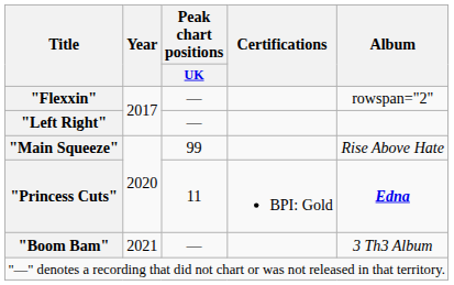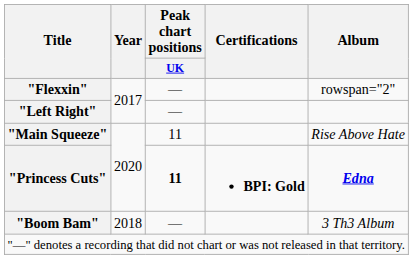 <table class="wikitable plainrowheaders" style="text-align:center;">
 <tr>
 <th scope="col" rowspan="2">Title</th>
 <th scope="col" rowspan="2">Year</th>
 <th scope="col" colspan="1">Peak chart positions</th>
 <th scope="col" rowspan="2">Certifications</th>
 <th scope="col" rowspan="2">Album</th>
 </tr>
 <tr>
 <th scope="col" style="width:3em;font-size:85%;"><a href='#'>UK</a><br></th>
 </tr>
 <tr>
 <th scope="row">"Flexxin"<br></th>
 <td rowspan="2">2017</td>
 <td>—</td>
 <td></td>
 <td>rowspan="2" </td>
 </tr>
 <tr>
 <th scope="row">"Left Right"<br></th>
 <td>—</td>
 <td></td>
 </tr>
 <tr>
 <th scope="row">"Main Squeeze"<br></th>
 <td rowspan="2">2020</td>
-<td>99</td>
+<td>11</td>
 <td></td>
 <td><em>Rise Above Hate</em></td>
 </tr>
 <tr>
 <th scope="row">"Princess Cuts"<br></th>
-<td>11</td>
-<td><br><ul><li>BPI: Gold</li></ul></td>
+<td><strong>11</strong></td>
+<td><strong><br><ul><li>BPI: Gold</li></ul></strong></td>
 <td><strong><em><a href='#'>Edna</a></em></strong></td>
 </tr>
 <tr>
 <th scope="row">"Boom Bam"<br></th>
-<td>2021</td>
+<td>2018</td>
 <td>—</td>
 <td></td>
 <td><em>3 Th3 Album</em></td>
 </tr>
 <tr>
 <td colspan="10" style="font-size:90%">"—" denotes a recording that did not chart or was not released in that territory.</td>
 </tr>
 </table>
